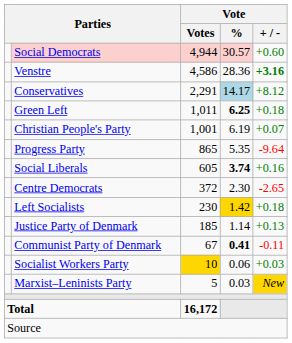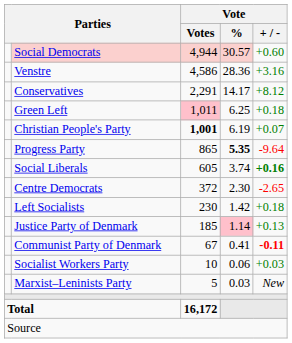 <table class="wikitable" style="text-align:right;">
 <tr>
 <th style="text-align:centre;" rowspan="2" colspan="2" width="225">Parties</th>
 <th colspan="3">Vote</th>
 </tr>
 <tr>
 <th width="15">Votes</th>
 <th width="15">%</th>
 <th width="15">+ / -</th>
 </tr>
 <tr>
 <td width="2" style="color:inherit;background:"></td>
 <td bgcolor=#fbd0ce  align="left"><a href='#'>Social Democrats</a></td>
 <td bgcolor=#fbd0ce>4,944</td>
 <td bgcolor=#fbd0ce>30.57</td>
 <td style=color:green;>+0.60</td>
 </tr>
 <tr>
 <td width="2" style="color:inherit;background:"></td>
 <td align="left"><a href='#'>Venstre</a></td>
 <td>4,586</td>
 <td>28.36</td>
-<td style=color:green;><strong>+3.16</strong></td>
+<td style=color:green;>+3.16</td>
 </tr>
 <tr>
 <td width="2" style="color:inherit;background:"></td>
 <td align="left"><a href='#'>Conservatives</a></td>
 <td>2,291</td>
-<td style="background: lightblue;">14.17</td>
+<td>14.17</td>
 <td style=color:green;>+8.12</td>
 </tr>
 <tr>
 <td width="2" style="color:inherit;background:"></td>
 <td align="left"><a href='#'>Green Left</a></td>
-<td>1,011</td>
-<td><strong>6.25</strong></td>
+<td style="background: pink;">1,011</td>
+<td>6.25</td>
 <td style=color:green;>+0.18</td>
 </tr>
 <tr>
 <td width="2" style="color:inherit;background:"></td>
 <td align="left"><a href='#'>Christian People's Party</a></td>
-<td>1,001</td>
+<td><strong>1,001</strong></td>
 <td>6.19</td>
 <td style=color:green;>+0.07</td>
 </tr>
 <tr>
 <td width="2" style="color:inherit;background:"></td>
 <td align="left"><a href='#'>Progress Party</a></td>
 <td>865</td>
-<td>5.35</td>
+<td><strong>5.35</strong></td>
 <td style=color:red;>-9.64</td>
 </tr>
 <tr>
 <td width="2" style="color:inherit;background:"></td>
 <td align="left"><a href='#'>Social Liberals</a></td>
 <td>605</td>
-<td><strong>3.74</strong></td>
-<td style=color:green;>+0.16</td>
+<td>3.74</td>
+<td style=color:green;><strong>+0.16</strong></td>
 </tr>
 <tr>
 <td width="2" style="color:inherit;background:"></td>
 <td align="left"><a href='#'>Centre Democrats</a></td>
 <td>372</td>
 <td>2.30</td>
 <td style=color:red;>-2.65</td>
 </tr>
 <tr>
 <td width="2" style="color:inherit;background:"></td>
 <td align="left"><a href='#'>Left Socialists</a></td>
 <td>230</td>
-<td style="background: gold;">1.42</td>
+<td>1.42</td>
 <td style=color:green;>+0.18</td>
 </tr>
 <tr>
 <td width="2" style="color:inherit;background:"></td>
 <td align="left"><a href='#'>Justice Party of Denmark</a></td>
 <td>185</td>
-<td>1.14</td>
+<td style="background: pink;">1.14</td>
 <td style=color:green;>+0.13</td>
 </tr>
 <tr>
 <td width="2" style="color:inherit;background:"></td>
 <td align="left"><a href='#'>Communist Party of Denmark</a></td>
 <td>67</td>
-<td><strong>0.41</strong></td>
-<td style=color:red;>-0.11</td>
+<td>0.41</td>
+<td style=color:red;><strong>-0.11</strong></td>
 </tr>
 <tr>
 <td width="2" style="color:inherit;background:"></td>
 <td align="left"><a href='#'>Socialist Workers Party</a></td>
-<td style="background: gold;">10</td>
+<td>10</td>
 <td>0.06</td>
 <td style=color:green;>+0.03</td>
 </tr>
 <tr>
 <td width="2" style="color:inherit;background:"></td>
 <td align="left"><a href='#'>Marxist–Leninists Party</a></td>
 <td>5</td>
 <td>0.03</td>
-<td style="background: gold;"><em>New</em></td>
+<td><em>New</em></td>
 </tr>
 <tr>
 <td colspan="7" bgcolor="#E9E9E9"></td>
 </tr>
 <tr>
 <td align="left" colspan="2"><strong>Total</strong></td>
 <td><strong>16,172</strong></td>
 <td bgcolor="#E9E9E9" colspan="2"></td>
 </tr>
 <tr>
 <td align="left" colspan="6">Source</td>
 </tr>
 </table>
